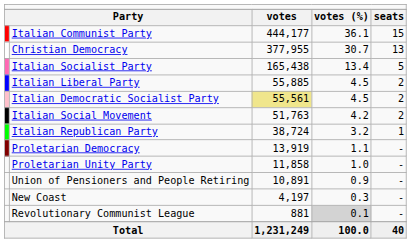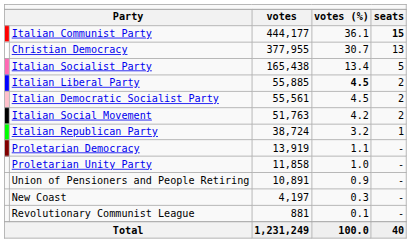 <table class="wikitable" style="font-size:95%">
 <tr>
 <td colspan=5 align=center></td>
 </tr>
 <tr>
 </tr>
 <tr bgcolor="EFEFEF">
 <th colspan=2>Party</th>
 <th>votes</th>
 <th>votes (%)</th>
 <th>seats</th>
 </tr>
 <tr>
 <td bgcolor=red></td>
 <td><a href='#'>Italian Communist Party</a></td>
 <td align=right>444,177</td>
 <td align=right>36.1</td>
-<td align=right>15</td>
+<td align=right><strong>15</strong></td>
 </tr>
 <tr>
 <td bgcolor=white></td>
 <td><a href='#'>Christian Democracy</a></td>
 <td align=right>377,955</td>
 <td align=right>30.7</td>
 <td align=right>13</td>
 </tr>
 <tr>
 <td bgcolor=hotpink></td>
 <td><a href='#'>Italian Socialist Party</a></td>
 <td align=right>165,438</td>
 <td align=right>13.4</td>
 <td align=right>5</td>
 </tr>
 <tr>
 <td bgcolor=blue></td>
 <td><a href='#'>Italian Liberal Party</a></td>
 <td align=right>55,885</td>
-<td align=right>4.5</td>
+<td align=right><strong>4.5</strong></td>
 <td align=right>2</td>
 </tr>
 <tr>
 <td bgcolor=pink></td>
 <td><a href='#'>Italian Democratic Socialist Party</a></td>
-<td align=right style="background: khaki;">55,561</td>
+<td align=right>55,561</td>
 <td align=right>4.5</td>
 <td align=right>2</td>
 </tr>
 <tr>
 <td bgcolor=black></td>
 <td><a href='#'>Italian Social Movement</a></td>
 <td align=right>51,763</td>
 <td align=right>4.2</td>
 <td align=right>2</td>
 </tr>
 <tr>
 <td bgcolor=lime></td>
 <td><a href='#'>Italian Republican Party</a></td>
 <td align=right>38,724</td>
 <td align=right>3.2</td>
 <td align=right>1</td>
 </tr>
 <tr>
 <td bgcolor=maroon></td>
 <td><a href='#'>Proletarian Democracy</a></td>
 <td align=right>13,919</td>
 <td align=right>1.1</td>
 <td align=right>-</td>
 </tr>
 <tr>
 <td></td>
 <td><a href='#'>Proletarian Unity Party</a></td>
 <td align=right>11,858</td>
 <td align=right>1.0</td>
 <td align=right>-</td>
 </tr>
 <tr>
 <td></td>
 <td>Union of Pensioners and People Retiring</td>
 <td align=right>10,891</td>
 <td align=right>0.9</td>
 <td align=right>-</td>
 </tr>
 <tr>
 <td></td>
 <td>New Coast</td>
 <td align=right>4,197</td>
 <td align=right>0.3</td>
 <td align=right>-</td>
 </tr>
 <tr>
 <td></td>
 <td>Revolutionary Communist League</td>
 <td align=right>881</td>
-<td align=right style="background: lightgrey;">0.1</td>
+<td align=right>0.1</td>
 <td align=right>-</td>
 </tr>
 <tr>
 </tr>
 <tr bgcolor="EFEFEF">
 <th colspan=2><strong>Total</strong></th>
 <td align=right><strong>1,231,249</strong></td>
 <td align=right><strong>100.0</strong></td>
 <td align=right><strong>40</strong></td>
 </tr>
 </table>
